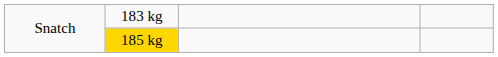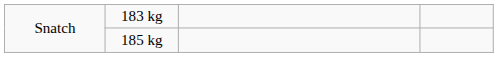 <table class = "wikitable" style="text-align:center;">
 <tr>
 <td rowspan=2 width=100>Snatch</td>
 <td width=70>183 kg</td>
 <td width=250 align=left></td>
 <td width=70></td>
 </tr>
 <tr>
-<td style="background: gold;">185 kg</td>
+<td>185 kg</td>
 <td align=left></td>
 <td></td>
 </tr>
 </table>
